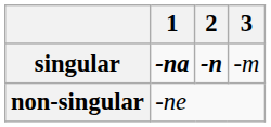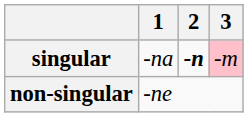 <table class="wikitable">
 <tr>
 <th></th>
 <th>1</th>
 <th>2</th>
 <th>3</th>
 </tr>
 <tr>
 <th>singular</th>
-<td><strong><em>-na</em></strong></td>
+<td><em>-na</em></td>
 <td><strong><em>-n</em></strong></td>
-<td><em>-m</em></td>
+<td style="background: pink;"><em>-m</em></td>
 </tr>
 <tr>
 <th>non-singular</th>
 <td colspan="3"><em>-ne</em></td>
 </tr>
 </table>
